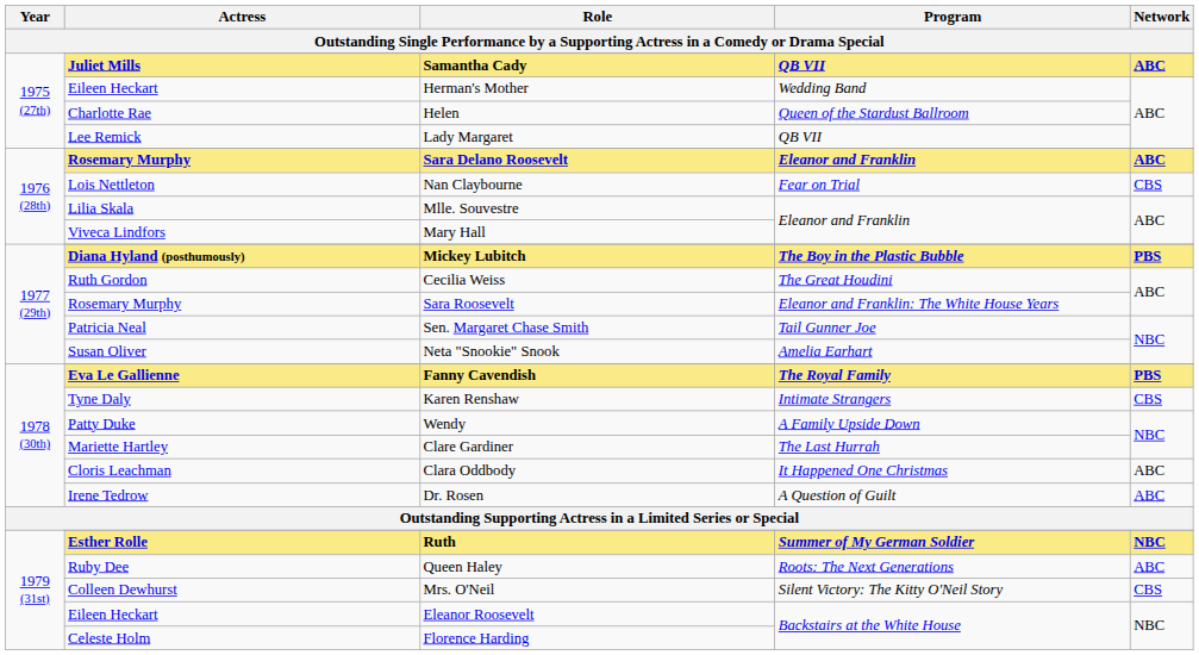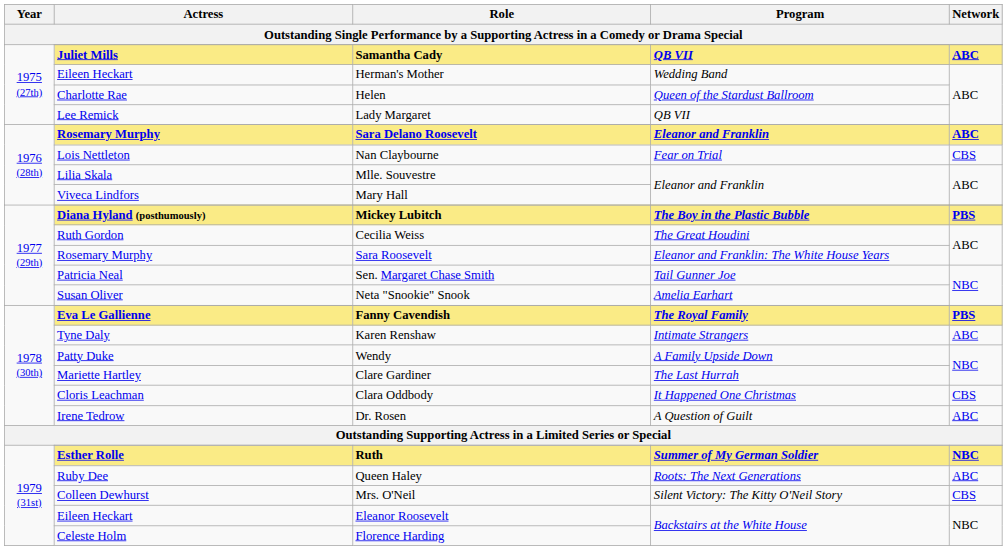 <table class="wikitable" style="width:100%; text-align: left;">
 <tr style="background:#bebebe;">
 <th style="width:5%;">Year</th>
 <th style="width:30%;">Actress</th>
 <th style="width:30%;">Role</th>
 <th style="width:30%;">Program</th>
 <th style="width:5%;">Network</th>
 </tr>
 <tr>
 <th colspan=5>Outstanding Single Performance by a Supporting Actress in a Comedy or Drama Special</th>
 </tr>
 <tr>
 <td rowspan=5 style="text-align:center"><a href='#'>1975</a><br><small><a href='#'>(27th)</a></small><br></td>
 </tr>
 <tr style="background:#FAEB86;">
 <td><strong><a href='#'>Juliet Mills</a></strong></td>
 <td><strong>Samantha Cady</strong></td>
 <td><strong><em><a href='#'>QB VII</a></em></strong></td>
 <td><strong><a href='#'>ABC</a></strong></td>
 </tr>
 <tr>
 <td><a href='#'>Eileen Heckart</a></td>
 <td>Herman's Mother</td>
 <td><em>Wedding Band</em></td>
 <td rowspan="3">ABC</td>
 </tr>
 <tr>
 <td><a href='#'>Charlotte Rae</a></td>
 <td>Helen</td>
 <td><em><a href='#'>Queen of the Stardust Ballroom</a></em></td>
 </tr>
 <tr>
 <td><a href='#'>Lee Remick</a></td>
 <td>Lady Margaret</td>
 <td><em>QB VII</em></td>
 </tr>
 <tr>
 <td rowspan=5 style="text-align:center"><a href='#'>1976</a><br><small><a href='#'>(28th)</a></small><br></td>
 </tr>
 <tr style="background:#FAEB86;">
 <td><strong><a href='#'>Rosemary Murphy</a></strong></td>
 <td><strong><a href='#'>Sara Delano Roosevelt</a></strong></td>
 <td><strong><em><a href='#'>Eleanor and Franklin</a></em></strong></td>
 <td><strong><a href='#'>ABC</a></strong></td>
 </tr>
 <tr>
 <td><a href='#'>Lois Nettleton</a></td>
 <td>Nan Claybourne</td>
 <td><em><a href='#'>Fear on Trial</a></em></td>
 <td><a href='#'>CBS</a></td>
 </tr>
 <tr>
 <td><a href='#'>Lilia Skala</a></td>
 <td>Mlle. Souvestre</td>
 <td rowspan="2"><em>Eleanor and Franklin</em></td>
 <td rowspan="2">ABC</td>
 </tr>
 <tr>
 <td><a href='#'>Viveca Lindfors</a></td>
 <td>Mary Hall</td>
 </tr>
 <tr>
 <td rowspan=6 style="text-align:center"><a href='#'>1977</a><br><small><a href='#'>(29th)</a></small><br></td>
 </tr>
 <tr style="background:#FAEB86;">
 <td><strong><a href='#'>Diana Hyland</a> <small>(posthumously)</small></strong></td>
 <td><strong>Mickey Lubitch</strong></td>
 <td><strong><em><a href='#'>The Boy in the Plastic Bubble</a></em></strong></td>
 <td><strong><a href='#'>PBS</a></strong></td>
 </tr>
 <tr>
 <td><a href='#'>Ruth Gordon</a></td>
 <td>Cecilia Weiss</td>
 <td><em><a href='#'>The Great Houdini</a></em></td>
 <td rowspan="2">ABC</td>
 </tr>
 <tr>
 <td><a href='#'>Rosemary Murphy</a></td>
 <td><a href='#'>Sara Roosevelt</a></td>
 <td><em><a href='#'>Eleanor and Franklin: The White House Years</a></em></td>
 </tr>
 <tr>
 <td><a href='#'>Patricia Neal</a></td>
 <td>Sen. <a href='#'>Margaret Chase Smith</a></td>
 <td><em><a href='#'>Tail Gunner Joe</a></em></td>
 <td rowspan="2"><a href='#'>NBC</a></td>
 </tr>
 <tr>
 <td><a href='#'>Susan Oliver</a></td>
 <td>Neta "Snookie" Snook</td>
 <td><em><a href='#'>Amelia Earhart</a></em></td>
 </tr>
 <tr>
 <td rowspan=7 style="text-align:center"><a href='#'>1978</a><br><small><a href='#'>(30th)</a></small><br></td>
 </tr>
 <tr style="background:#FAEB86;">
 <td><strong><a href='#'>Eva Le Gallienne</a></strong></td>
 <td><strong>Fanny Cavendish</strong></td>
 <td><strong><em><a href='#'>The Royal Family</a></em></strong></td>
 <td><strong><a href='#'>PBS</a></strong></td>
 </tr>
 <tr>
 <td><a href='#'>Tyne Daly</a></td>
 <td>Karen Renshaw</td>
 <td><em><a href='#'>Intimate Strangers</a></em></td>
-<td><a href='#'>CBS</a></td>
+<td><a href='#'>ABC</a></td>
 </tr>
 <tr>
 <td><a href='#'>Patty Duke</a></td>
 <td>Wendy</td>
 <td><em><a href='#'>A Family Upside Down</a></em></td>
 <td rowspan="2"><a href='#'>NBC</a></td>
 </tr>
 <tr>
 <td><a href='#'>Mariette Hartley</a></td>
 <td>Clare Gardiner</td>
 <td><em><a href='#'>The Last Hurrah</a></em></td>
 </tr>
 <tr>
 <td><a href='#'>Cloris Leachman</a></td>
 <td>Clara Oddbody</td>
 <td><em><a href='#'>It Happened One Christmas</a></em></td>
-<td>ABC</td>
+<td><a href='#'>CBS</a></td>
 </tr>
 <tr>
 <td><a href='#'>Irene Tedrow</a></td>
 <td>Dr. Rosen</td>
 <td><em>A Question of Guilt</em></td>
 <td><a href='#'>ABC</a></td>
 </tr>
 <tr>
 <th colspan=5>Outstanding Supporting Actress in a Limited Series or Special</th>
 </tr>
 <tr>
 <td rowspan=6 style="text-align:center"><a href='#'>1979</a><br><small><a href='#'>(31st)</a></small><br></td>
 </tr>
 <tr style="background:#FAEB86;">
 <td><strong><a href='#'>Esther Rolle</a></strong></td>
 <td><strong>Ruth</strong></td>
 <td><strong><em><a href='#'>Summer of My German Soldier</a></em></strong></td>
 <td><strong><a href='#'>NBC</a></strong></td>
 </tr>
 <tr>
 <td><a href='#'>Ruby Dee</a></td>
 <td>Queen Haley</td>
 <td><em><a href='#'>Roots: The Next Generations</a></em></td>
 <td><a href='#'>ABC</a></td>
 </tr>
 <tr>
 <td><a href='#'>Colleen Dewhurst</a></td>
 <td>Mrs. O'Neil</td>
 <td><em>Silent Victory: The Kitty O'Neil Story</em></td>
 <td><a href='#'>CBS</a></td>
 </tr>
 <tr>
 <td><a href='#'>Eileen Heckart</a></td>
 <td><a href='#'>Eleanor Roosevelt</a></td>
 <td rowspan="2"><em><a href='#'>Backstairs at the White House</a></em></td>
 <td rowspan="2">NBC</td>
 </tr>
 <tr>
 <td><a href='#'>Celeste Holm</a></td>
 <td><a href='#'>Florence Harding</a></td>
 </tr>
 </table>
